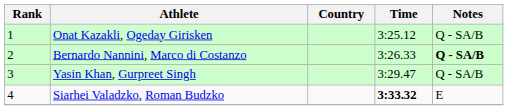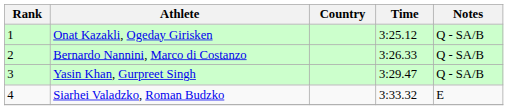 <table class="wikitable" width=50%>
 <tr>
 <th>Rank</th>
 <th>Athlete</th>
 <th>Country</th>
 <th>Time</th>
 <th>Notes</th>
 </tr>
 <tr bgcolor=ccffcc>
 <td>1</td>
 <td><a href='#'>Onat Kazakli</a>, <a href='#'>Ogeday Girisken</a></td>
 <td></td>
 <td>3:25.12</td>
 <td>Q - SA/B</td>
 </tr>
 <tr bgcolor=ccffcc>
 <td>2</td>
 <td><a href='#'>Bernardo Nannini</a>, <a href='#'>Marco di Costanzo</a></td>
 <td></td>
 <td>3:26.33</td>
-<td><strong>Q - SA/B</strong></td>
+<td>Q - SA/B</td>
 </tr>
 <tr bgcolor=ccffcc>
 <td>3</td>
 <td><a href='#'>Yasin Khan</a>, <a href='#'>Gurpreet Singh</a></td>
 <td></td>
 <td>3:29.47</td>
 <td>Q - SA/B</td>
 </tr>
 <tr>
 <td>4</td>
 <td><a href='#'>Siarhei Valadzko</a>, <a href='#'>Roman Budzko</a></td>
 <td></td>
-<td><strong>3:33.32</strong></td>
+<td>3:33.32</td>
 <td>E</td>
 </tr>
 <tr>
 </tr>
 </table>
